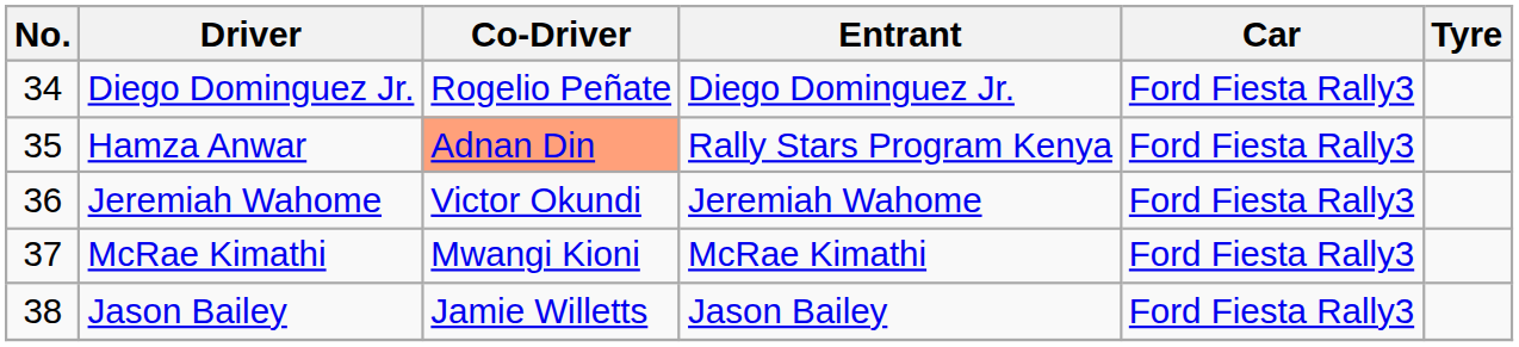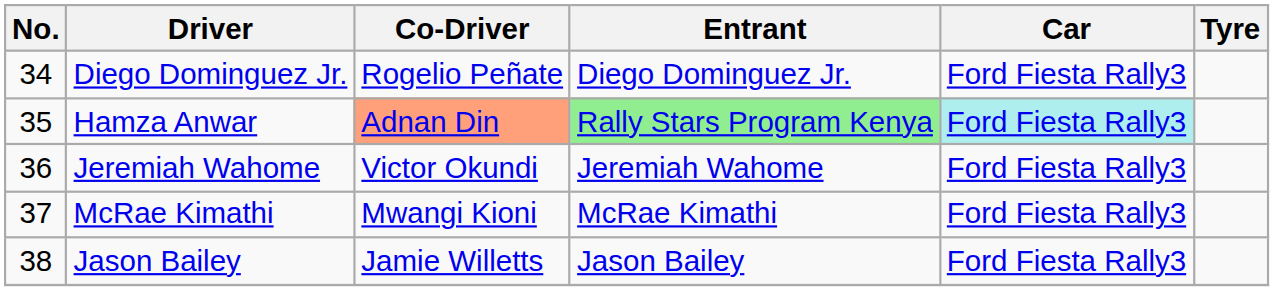 <table class="wikitable" style="font-size: 85%;">
 <tr>
 <th>No.</th>
 <th>Driver</th>
 <th>Co-Driver</th>
 <th>Entrant</th>
 <th>Car</th>
 <th>Tyre</th>
 </tr>
 <tr>
 <td align="center">34</td>
 <td> <a href='#'>Diego Dominguez Jr.</a></td>
 <td> <a href='#'>Rogelio Peñate</a></td>
 <td> <a href='#'>Diego Dominguez Jr.</a></td>
 <td><a href='#'>Ford Fiesta Rally3</a></td>
 <td align="center"></td>
 </tr>
 <tr>
 <td align="center">35</td>
 <td> <a href='#'>Hamza Anwar</a></td>
 <td style="background: lightsalmon;"> <a href='#'>Adnan Din</a></td>
-<td> <a href='#'>Rally Stars Program Kenya</a></td>
-<td><a href='#'>Ford Fiesta Rally3</a></td>
+<td style="background: lightgreen;"> <a href='#'>Rally Stars Program Kenya</a></td>
+<td style="background: paleturquoise;"><a href='#'>Ford Fiesta Rally3</a></td>
 <td align="center"></td>
 </tr>
 <tr>
 <td align="center">36</td>
 <td> <a href='#'>Jeremiah Wahome</a></td>
 <td> <a href='#'>Victor Okundi</a></td>
 <td> <a href='#'>Jeremiah Wahome</a></td>
 <td><a href='#'>Ford Fiesta Rally3</a></td>
 <td align="center"></td>
 </tr>
 <tr>
 <td align="center">37</td>
 <td> <a href='#'>McRae Kimathi</a></td>
 <td> <a href='#'>Mwangi Kioni</a></td>
 <td> <a href='#'>McRae Kimathi</a></td>
 <td><a href='#'>Ford Fiesta Rally3</a></td>
 <td align="center"></td>
 </tr>
 <tr>
 <td align="center">38</td>
 <td> <a href='#'>Jason Bailey</a></td>
 <td> <a href='#'>Jamie Willetts</a></td>
 <td> <a href='#'>Jason Bailey</a></td>
 <td><a href='#'>Ford Fiesta Rally3</a></td>
 <td align="center"></td>
 </tr>
 <tr>
 </tr>
 </table>
